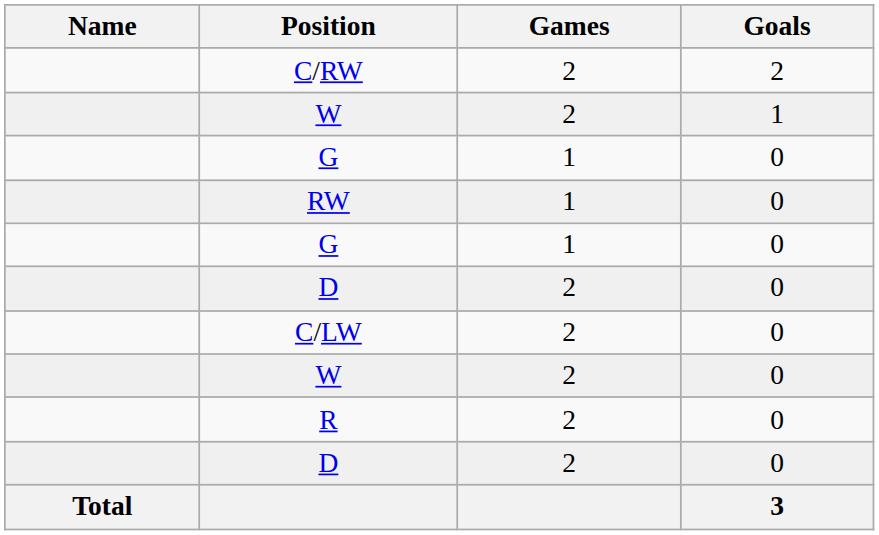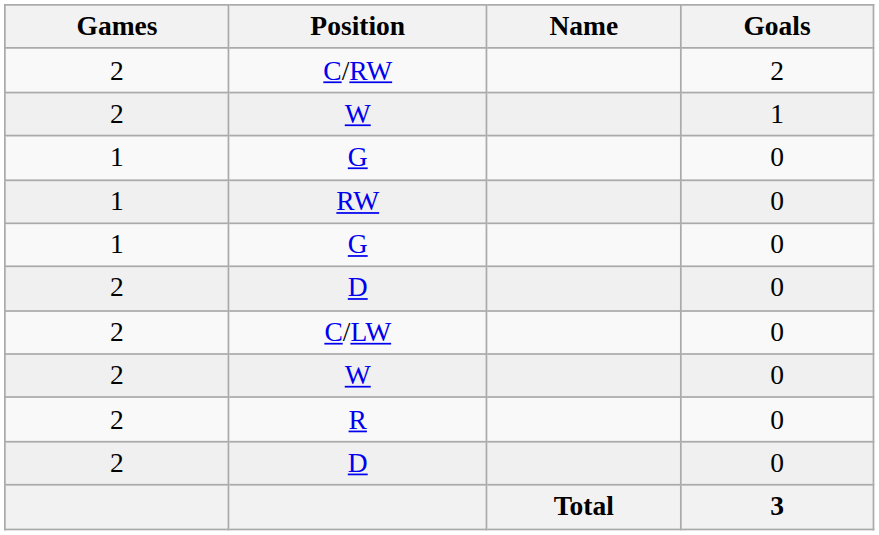 <table class="wikitable sortable" width ="40%">
 <tr align="center">
+<th><strong>Games</strong></th>
+<th><strong>Position</strong></th>
 <th><strong>Name</strong></th>
-<th><strong>Position</strong></th>
-<th><strong>Games</strong></th>
 <th><strong>Goals</strong></th>
 </tr>
 <tr align="center" bgcolor="">
+<td>2</td>
+<td><a href='#'>C</a>/<a href='#'>RW</a></td>
 <td></td>
-<td><a href='#'>C</a>/<a href='#'>RW</a></td>
-<td>2</td>
 <td>2</td>
 </tr>
 <tr align="center" bgcolor="f0f0f0">
+<td>2</td>
+<td><a href='#'>W</a></td>
 <td></td>
-<td><a href='#'>W</a></td>
-<td>2</td>
 <td>1</td>
 </tr>
 <tr align="center" bgcolor="">
+<td>1</td>
+<td><a href='#'>G</a></td>
 <td></td>
-<td><a href='#'>G</a></td>
-<td>1</td>
 <td>0</td>
 </tr>
 <tr align="center" bgcolor="f0f0f0">
+<td>1</td>
+<td><a href='#'>RW</a></td>
 <td></td>
-<td><a href='#'>RW</a></td>
-<td>1</td>
 <td>0</td>
 </tr>
 <tr align="center" bgcolor="">
+<td>1</td>
+<td><a href='#'>G</a></td>
 <td></td>
-<td><a href='#'>G</a></td>
-<td>1</td>
 <td>0</td>
 </tr>
 <tr align="center" bgcolor="f0f0f0">
+<td>2</td>
+<td><a href='#'>D</a></td>
 <td></td>
-<td><a href='#'>D</a></td>
-<td>2</td>
 <td>0</td>
 </tr>
 <tr align="center" bgcolor="">
+<td>2</td>
+<td><a href='#'>C</a>/<a href='#'>LW</a></td>
 <td></td>
-<td><a href='#'>C</a>/<a href='#'>LW</a></td>
-<td>2</td>
 <td>0</td>
 </tr>
 <tr align="center" bgcolor="f0f0f0">
+<td>2</td>
+<td><a href='#'>W</a></td>
 <td></td>
-<td><a href='#'>W</a></td>
-<td>2</td>
 <td>0</td>
 </tr>
 <tr align="center" bgcolor="">
+<td>2</td>
+<td><a href='#'>R</a></td>
 <td></td>
-<td><a href='#'>R</a></td>
-<td>2</td>
 <td>0</td>
 </tr>
 <tr align="center" bgcolor="f0f0f0">
+<td>2</td>
+<td><a href='#'>D</a></td>
 <td></td>
-<td><a href='#'>D</a></td>
-<td>2</td>
 <td>0</td>
 </tr>
 <tr>
-<th>Total</th>
 <th></th>
 <th></th>
+<th>Total</th>
 <th>3</th>
 </tr>
 </table>
